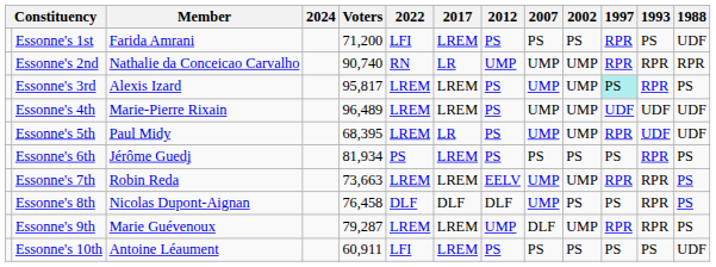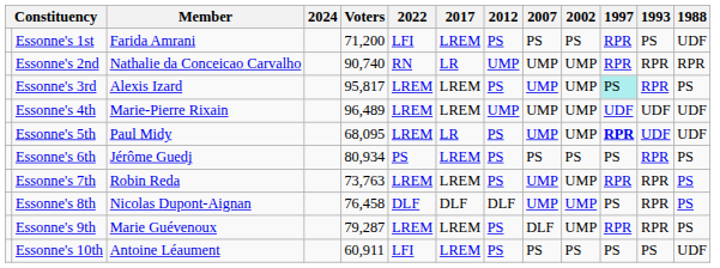 <table class="wikitable sortable">
 <tr>
 <th colspan="2">Constituency</th>
 <th>Member</th>
 <th>2024</th>
 <th>Voters</th>
 <th>2022</th>
 <th>2017</th>
 <th>2012</th>
 <th>2007</th>
 <th>2002</th>
 <th>1997</th>
 <th>1993</th>
 <th>1988</th>
 </tr>
 <tr>
 <td style="background-color: "></td>
 <td><a href='#'>Essonne's 1st</a></td>
 <td><a href='#'>Farida Amrani</a></td>
 <td></td>
 <td>71,200</td>
 <td><a href='#'>LFI</a></td>
 <td><a href='#'>LREM</a></td>
 <td><a href='#'>PS</a></td>
 <td>PS</td>
 <td>PS</td>
 <td><a href='#'>RPR</a></td>
 <td>PS</td>
 <td>UDF</td>
 </tr>
 <tr>
 <td style="background-color: "></td>
 <td><a href='#'>Essonne's 2nd</a></td>
 <td><a href='#'>Nathalie da Conceicao Carvalho</a></td>
 <td></td>
 <td>90,740</td>
 <td><a href='#'>RN</a></td>
 <td><a href='#'>LR</a></td>
 <td><a href='#'>UMP</a></td>
 <td>UMP</td>
 <td>UMP</td>
 <td><a href='#'>RPR</a></td>
 <td>RPR</td>
 <td>RPR</td>
 </tr>
 <tr>
 <td style="background-color: "></td>
 <td><a href='#'>Essonne's 3rd</a></td>
 <td><a href='#'>Alexis Izard</a></td>
 <td></td>
 <td>95,817</td>
 <td><a href='#'>LREM</a></td>
 <td>LREM</td>
 <td><a href='#'>PS</a></td>
 <td><a href='#'>UMP</a></td>
 <td>UMP</td>
 <td style="background: paleturquoise;">PS</td>
 <td><a href='#'>RPR</a></td>
 <td>PS</td>
 </tr>
 <tr>
 <td style="background-color: "></td>
 <td><a href='#'>Essonne's 4th</a></td>
 <td><a href='#'>Marie-Pierre Rixain</a></td>
 <td></td>
 <td>96,489</td>
 <td><a href='#'>LREM</a></td>
 <td>LREM</td>
-<td><a href='#'>PS</a></td>
+<td><a href='#'>UMP</a></td>
 <td>UMP</td>
 <td>UMP</td>
 <td><a href='#'>UDF</a></td>
 <td>UDF</td>
 <td>UDF</td>
 </tr>
 <tr>
 <td style="background-color: "></td>
 <td><a href='#'>Essonne's 5th</a></td>
 <td><a href='#'>Paul Midy</a></td>
 <td></td>
-<td>68,395</td>
+<td>68,095</td>
 <td><a href='#'>LREM</a></td>
 <td><a href='#'>LR</a></td>
 <td><a href='#'>PS</a></td>
 <td><a href='#'>UMP</a></td>
 <td>UMP</td>
-<td><a href='#'>RPR</a></td>
+<td><strong><a href='#'>RPR</a></strong></td>
 <td><a href='#'>UDF</a></td>
 <td>UDF</td>
 </tr>
 <tr>
 <td style="background-color: "></td>
 <td><a href='#'>Essonne's 6th</a></td>
 <td><a href='#'>Jérôme Guedj</a></td>
 <td></td>
-<td>81,934</td>
+<td>80,934</td>
 <td><a href='#'>PS</a></td>
 <td><a href='#'>LREM</a></td>
 <td><a href='#'>PS</a></td>
 <td>PS</td>
 <td>PS</td>
 <td>PS</td>
 <td><a href='#'>RPR</a></td>
 <td>PS</td>
 </tr>
 <tr>
 <td style="background-color: "></td>
 <td><a href='#'>Essonne's 7th</a></td>
 <td><a href='#'>Robin Reda</a></td>
 <td></td>
-<td>73,663</td>
+<td>73,763</td>
 <td><a href='#'>LREM</a></td>
 <td>LREM</td>
-<td><a href='#'>EELV</a></td>
+<td><a href='#'>PS</a></td>
 <td><a href='#'>UMP</a></td>
 <td>UMP</td>
 <td><a href='#'>RPR</a></td>
 <td>RPR</td>
 <td><a href='#'>PS</a></td>
 </tr>
 <tr>
 <td style="background-color: "></td>
 <td><a href='#'>Essonne's 8th</a></td>
 <td><a href='#'>Nicolas Dupont-Aignan</a></td>
 <td></td>
 <td>76,458</td>
 <td><a href='#'>DLF</a></td>
 <td>DLF</td>
 <td>DLF</td>
 <td><a href='#'>UMP</a></td>
-<td>PS</td>
+<td><a href='#'>UMP</a></td>
 <td>PS</td>
 <td>RPR</td>
 <td><a href='#'>PS</a></td>
 </tr>
 <tr>
 <td style="background-color: "></td>
 <td><a href='#'>Essonne's 9th</a></td>
 <td><a href='#'>Marie Guévenoux</a></td>
 <td></td>
 <td>79,287</td>
 <td><a href='#'>LREM</a></td>
 <td>LREM</td>
-<td><a href='#'>UMP</a></td>
+<td><a href='#'>PS</a></td>
 <td>DLF</td>
 <td>UMP</td>
 <td><a href='#'>RPR</a></td>
 <td>RPR</td>
 <td>PS</td>
 </tr>
 <tr>
 <td style="background-color: "></td>
 <td><a href='#'>Essonne's 10th</a></td>
 <td><a href='#'>Antoine Léaument</a></td>
 <td></td>
 <td>60,911</td>
 <td><a href='#'>LFI</a></td>
 <td><a href='#'>LREM</a></td>
 <td><a href='#'>PS</a></td>
 <td>PS</td>
 <td>PS</td>
 <td>PS</td>
 <td>PS</td>
 <td>UDF</td>
 </tr>
 </table>
